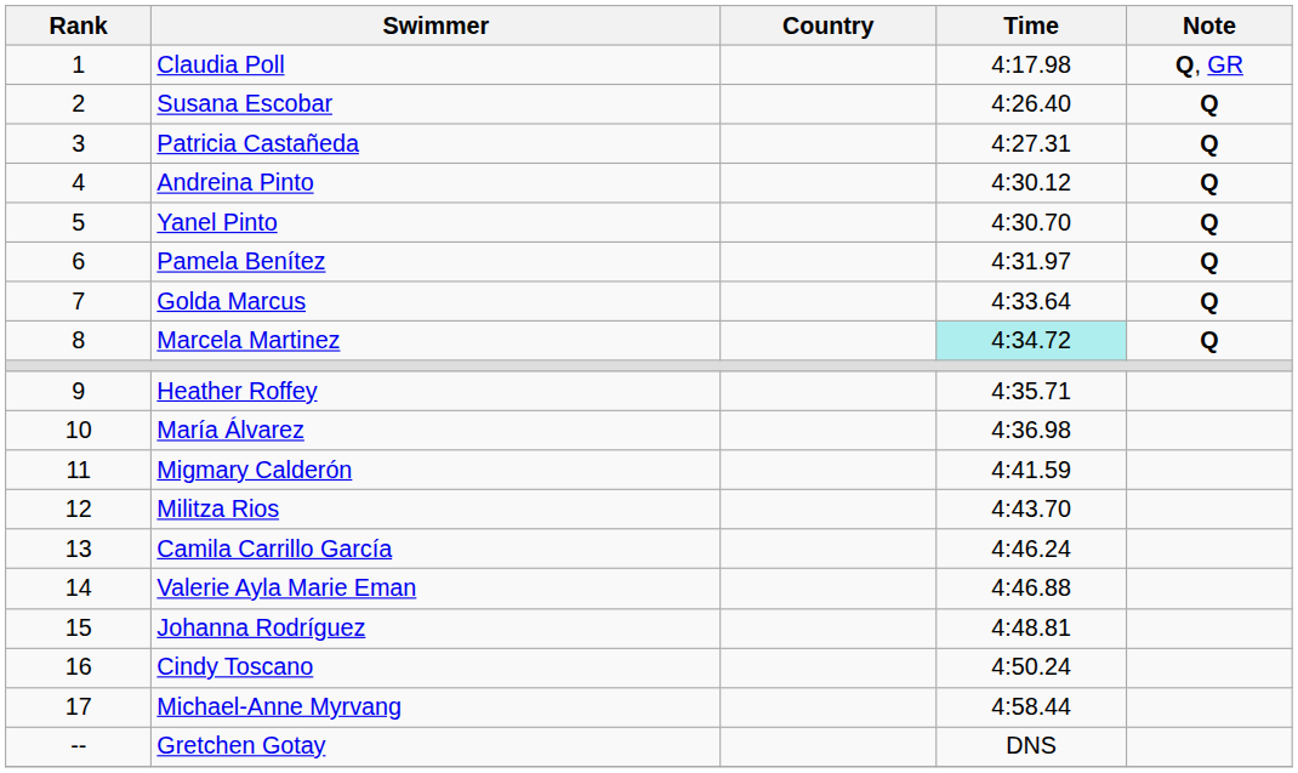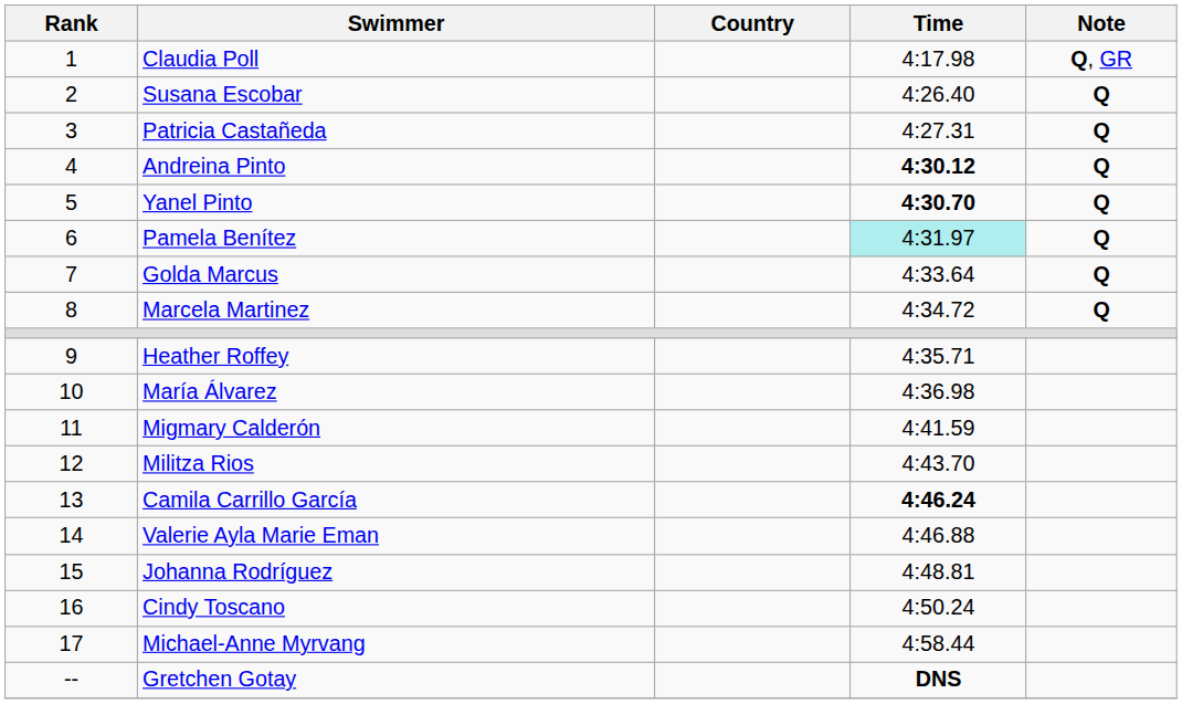 <table class="wikitable" style=" text-align:center; font-size:110%;" width="75%">
 <tr>
 <th>Rank</th>
 <th>Swimmer</th>
 <th>Country</th>
 <th>Time</th>
 <th>Note</th>
 </tr>
 <tr>
 <td>1</td>
 <td align=left><a href='#'>Claudia Poll</a></td>
 <td align=left></td>
 <td>4:17.98</td>
 <td><strong>Q</strong>, <a href='#'>GR</a></td>
 </tr>
 <tr>
 <td>2</td>
 <td align=left><a href='#'>Susana Escobar</a></td>
 <td align=left></td>
 <td>4:26.40</td>
 <td><strong>Q</strong></td>
 </tr>
 <tr>
 <td>3</td>
 <td align=left><a href='#'>Patricia Castañeda</a></td>
 <td align=left></td>
 <td>4:27.31</td>
 <td><strong>Q</strong></td>
 </tr>
 <tr>
 <td>4</td>
 <td align=left><a href='#'>Andreina Pinto</a></td>
 <td align=left></td>
-<td>4:30.12</td>
+<td><strong>4:30.12</strong></td>
 <td><strong>Q</strong></td>
 </tr>
 <tr>
 <td>5</td>
 <td align=left><a href='#'>Yanel Pinto</a></td>
 <td align=left></td>
-<td>4:30.70</td>
+<td><strong>4:30.70</strong></td>
 <td><strong>Q</strong></td>
 </tr>
 <tr>
 <td>6</td>
 <td align=left><a href='#'>Pamela Benítez</a></td>
 <td align=left></td>
-<td>4:31.97</td>
+<td style="background: paleturquoise;">4:31.97</td>
 <td><strong>Q</strong></td>
 </tr>
 <tr>
 <td>7</td>
 <td align=left><a href='#'>Golda Marcus</a></td>
 <td align=left></td>
 <td>4:33.64</td>
 <td><strong>Q</strong></td>
 </tr>
 <tr>
 <td>8</td>
 <td align=left><a href='#'>Marcela Martinez</a></td>
 <td align=left></td>
-<td style="background: paleturquoise;">4:34.72</td>
+<td>4:34.72</td>
 <td><strong>Q</strong></td>
 </tr>
 <tr bgcolor=#DDDDDD>
 <td colspan=5></td>
 </tr>
 <tr>
 <td>9</td>
 <td align=left><a href='#'>Heather Roffey</a></td>
 <td align=left></td>
 <td>4:35.71</td>
 <td></td>
 </tr>
 <tr>
 <td>10</td>
 <td align=left><a href='#'>María Álvarez</a></td>
 <td align=left></td>
 <td>4:36.98</td>
 <td></td>
 </tr>
 <tr>
 <td>11</td>
 <td align=left><a href='#'>Migmary Calderón</a></td>
 <td align=left></td>
 <td>4:41.59</td>
 <td></td>
 </tr>
 <tr>
 <td>12</td>
 <td align=left><a href='#'>Militza Rios</a></td>
 <td align=left></td>
 <td>4:43.70</td>
 <td></td>
 </tr>
 <tr>
 <td>13</td>
 <td align=left><a href='#'>Camila Carrillo García</a></td>
 <td align=left></td>
-<td>4:46.24</td>
+<td><strong>4:46.24</strong></td>
 <td></td>
 </tr>
 <tr>
 <td>14</td>
 <td align=left><a href='#'>Valerie Ayla Marie Eman</a></td>
 <td align=left></td>
 <td>4:46.88</td>
 <td></td>
 </tr>
 <tr>
 <td>15</td>
 <td align=left><a href='#'>Johanna Rodríguez</a></td>
 <td align=left></td>
 <td>4:48.81</td>
 <td></td>
 </tr>
 <tr>
 <td>16</td>
 <td align=left><a href='#'>Cindy Toscano</a></td>
 <td align=left></td>
 <td>4:50.24</td>
 <td></td>
 </tr>
 <tr>
 <td>17</td>
 <td align=left><a href='#'>Michael-Anne Myrvang</a></td>
 <td align=left></td>
 <td>4:58.44</td>
 <td></td>
 </tr>
 <tr>
 <td>--</td>
 <td align=left><a href='#'>Gretchen Gotay</a></td>
 <td align=left></td>
-<td>DNS</td>
+<td><strong>DNS</strong></td>
 <td></td>
 </tr>
 <tr>
 </tr>
 </table>
